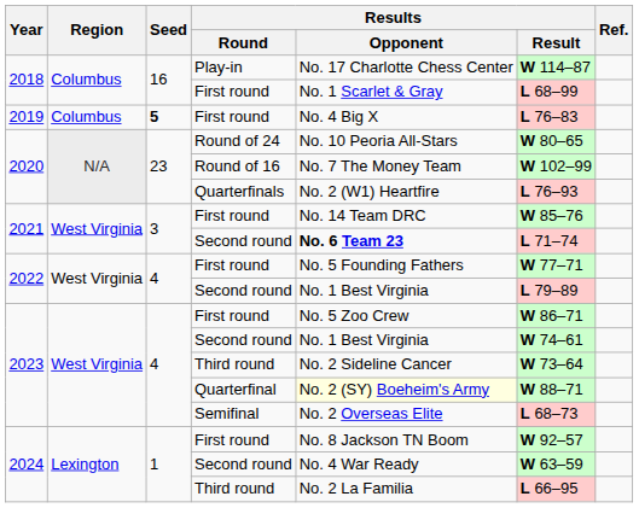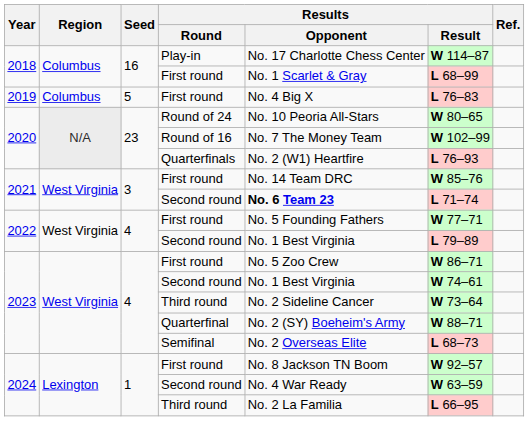 <table class="wikitable">
 <tr>
 <th rowspan=2>Year</th>
 <th rowspan=2>Region</th>
 <th rowspan=2>Seed</th>
 <th colspan=3>Results</th>
 <th rowspan=2>Ref.</th>
 </tr>
 <tr>
 <th>Round</th>
 <th>Opponent</th>
 <th>Result</th>
 </tr>
 <tr>
 <td rowspan=2><a href='#'>2018</a></td>
 <td rowspan=2><a href='#'>Columbus</a></td>
 <td rowspan=2>16</td>
 <td>Play-in</td>
 <td>No. 17 Charlotte Chess Center</td>
 <td style="background:#ccffcc"><strong>W</strong> 114–87</td>
 <td></td>
 </tr>
 <tr>
 <td>First round</td>
 <td>No. 1 <a href='#'>Scarlet & Gray</a></td>
 <td style="background:#ffcccc"><strong>L</strong> 68–99</td>
 <td></td>
 </tr>
 <tr>
 <td><a href='#'>2019</a></td>
 <td><a href='#'>Columbus</a></td>
-<td><strong>5</strong></td>
+<td>5</td>
 <td>First round</td>
 <td>No. 4 Big X</td>
 <td style="background:#ffcccc"><strong>L</strong> 76–83</td>
 <td></td>
 </tr>
 <tr>
 <td rowspan=3><a href='#'>2020</a></td>
 <td rowspan=3 data-sort-value="" style="background: #ececec; color: #2C2C2C; vertical-align: middle; text-align: center; " class="table-na">N/A</td>
 <td rowspan=3>23</td>
 <td>Round of 24</td>
 <td>No. 10 Peoria All-Stars</td>
 <td style="background:#ccffcc"><strong>W</strong> 80–65</td>
 <td></td>
 </tr>
 <tr>
 <td>Round of 16</td>
 <td>No. 7 The Money Team</td>
 <td style="background:#ccffcc"><strong>W</strong> 102–99</td>
 <td></td>
 </tr>
 <tr>
 <td>Quarterfinals</td>
 <td>No. 2 (W1) Heartfire</td>
 <td style="background:#ffcccc"><strong>L</strong> 76–93</td>
 <td></td>
 </tr>
 <tr>
 <td rowspan=2><a href='#'>2021</a></td>
 <td rowspan=2><a href='#'>West Virginia</a></td>
 <td rowspan=2>3</td>
 <td>First round</td>
 <td>No. 14 Team DRC</td>
 <td style="background:#ccffcc"><strong>W</strong> 85–76</td>
 <td></td>
 </tr>
 <tr>
 <td>Second round</td>
 <td><strong>No. 6 <a href='#'>Team 23</a></strong></td>
 <td style="background:#ffcccc"><strong>L</strong> 71–74</td>
 <td></td>
 </tr>
 <tr>
 <td rowspan=2><a href='#'>2022</a></td>
 <td rowspan=2>West Virginia</td>
 <td rowspan=2>4</td>
 <td>First round</td>
 <td>No. 5 Founding Fathers</td>
 <td style="background:#ccffcc"><strong>W</strong> 77–71</td>
 <td></td>
 </tr>
 <tr>
 <td>Second round</td>
 <td>No. 1 Best Virginia</td>
 <td style="background:#ffcccc"><strong>L</strong> 79–89</td>
 <td></td>
 </tr>
 <tr>
 <td rowspan=5><a href='#'>2023</a></td>
 <td rowspan=5><a href='#'>West Virginia</a></td>
 <td rowspan=5>4</td>
 <td>First round</td>
 <td>No. 5 Zoo Crew</td>
 <td style="background:#ccffcc"><strong>W</strong> 86–71</td>
 <td></td>
 </tr>
 <tr>
 <td>Second round</td>
 <td>No. 1 Best Virginia</td>
 <td style="background:#ccffcc"><strong>W</strong> 74–61</td>
 <td></td>
 </tr>
 <tr>
 <td>Third round</td>
 <td>No. 2 Sideline Cancer</td>
 <td style="background:#ccffcc"><strong>W</strong> 73–64</td>
 <td></td>
 </tr>
 <tr>
 <td>Quarterfinal</td>
-<td style="background: lightyellow;">No. 2 (SY) <a href='#'>Boeheim's Army</a></td>
+<td>No. 2 (SY) <a href='#'>Boeheim's Army</a></td>
 <td style="background:#ccffcc"><strong>W</strong> 88–71</td>
 <td></td>
 </tr>
 <tr>
 <td>Semifinal</td>
 <td>No. 2 <a href='#'>Overseas Elite</a></td>
 <td style="background:#ffcccc"><strong>L</strong> 68–73</td>
 <td></td>
 </tr>
 <tr>
 <td rowspan=3><a href='#'>2024</a></td>
 <td rowspan=3><a href='#'>Lexington</a></td>
 <td rowspan=3>1</td>
 <td>First round</td>
 <td>No. 8 Jackson TN Boom</td>
 <td style="background:#ccffcc"><strong>W</strong> 92–57</td>
 <td></td>
 </tr>
 <tr>
 <td>Second round</td>
 <td>No. 4 War Ready</td>
 <td style="background:#ccffcc"><strong>W</strong> 63–59</td>
 <td></td>
 </tr>
 <tr>
 <td>Third round</td>
 <td>No. 2 La Familia</td>
 <td style="background:#ffcccc"><strong>L</strong> 66–95</td>
 <td></td>
 </tr>
 </table>
